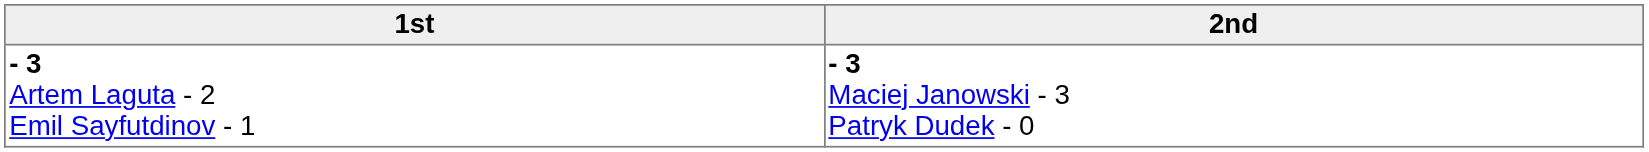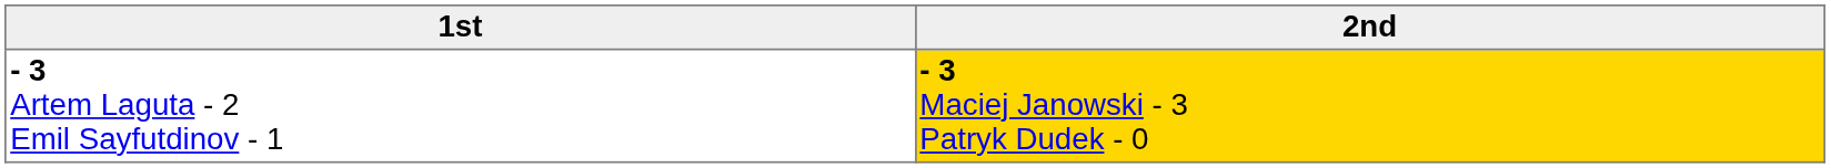 <table border="1" cellpadding="2" cellspacing="0"  style="width:75%; border-collapse:collapse;">
 <tr style="text-align:left; background:#efefef;">
 <th width=15% align=center >1st</th>
 <th width=15% align=center >2nd</th>
 </tr>
 <tr align=left>
 <td valign=top align=left ><strong> - 3</strong><br><a href='#'>Artem Laguta</a> - 2<br><a href='#'>Emil Sayfutdinov</a> - 1</td>
-<td valign=top align=left ><strong> - 3</strong><br><a href='#'>Maciej Janowski</a> - 3<br><a href='#'>Patryk Dudek</a> - 0</td>
+<td valign=top align=left  style="background: gold;"><strong> - 3</strong><br><a href='#'>Maciej Janowski</a> - 3<br><a href='#'>Patryk Dudek</a> - 0</td>
 </tr>
 </table>
